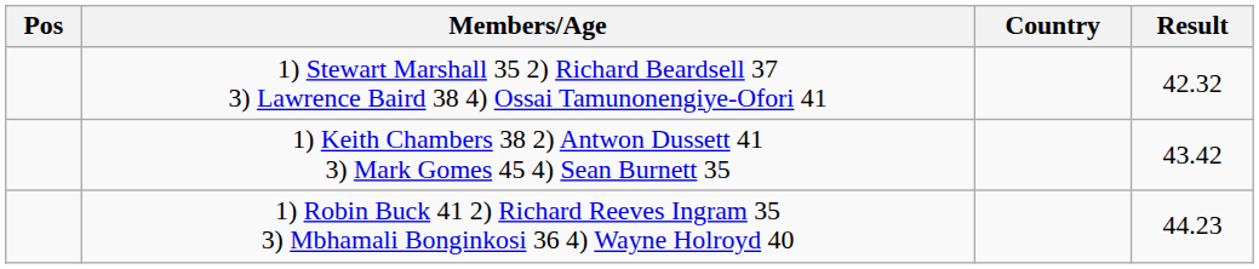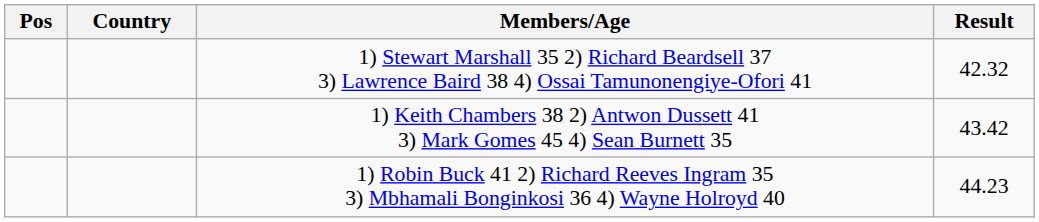 <table class="wikitable"  style="text-align:center; width:60%;">
 <tr>
 <th>Pos</th>
+<th>Country</th>
 <th>Members/Age</th>
-<th>Country</th>
 <th>Result</th>
 </tr>
 <tr>
 <td align=center></td>
+<td align=left></td>
 <td>1) <a href='#'>Stewart Marshall</a> 35 2) <a href='#'>Richard Beardsell</a> 37<br>3) <a href='#'>Lawrence Baird</a> 38 4) <a href='#'>Ossai Tamunonengiye-Ofori</a> 41</td>
-<td align=left></td>
 <td>42.32</td>
 </tr>
 <tr>
 <td align=center></td>
+<td align=left></td>
 <td>1) <a href='#'>Keith Chambers</a> 38 2) <a href='#'>Antwon Dussett</a> 41<br>3) <a href='#'>Mark Gomes</a> 45 4) <a href='#'>Sean Burnett</a> 35</td>
-<td align=left></td>
 <td>43.42</td>
 </tr>
 <tr>
 <td align=center></td>
+<td align=left></td>
 <td>1) <a href='#'>Robin Buck</a> 41 2) <a href='#'>Richard Reeves Ingram</a> 35<br>3) <a href='#'>Mbhamali Bonginkosi</a> 36 4) <a href='#'>Wayne Holroyd</a> 40</td>
-<td align=left></td>
 <td>44.23</td>
 </tr>
 </table>
